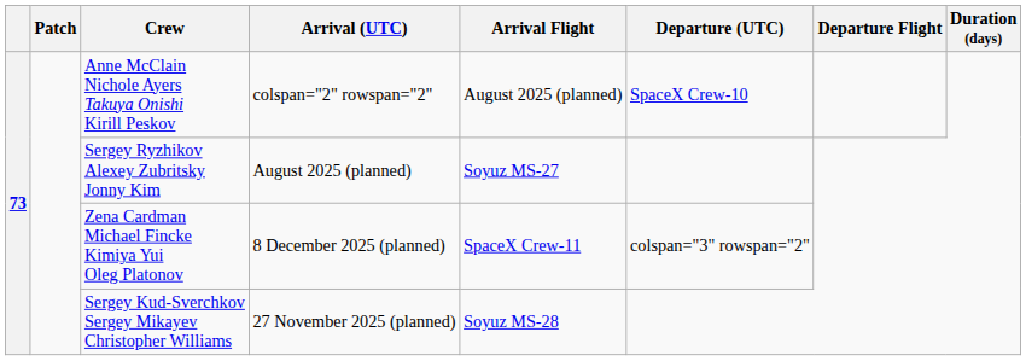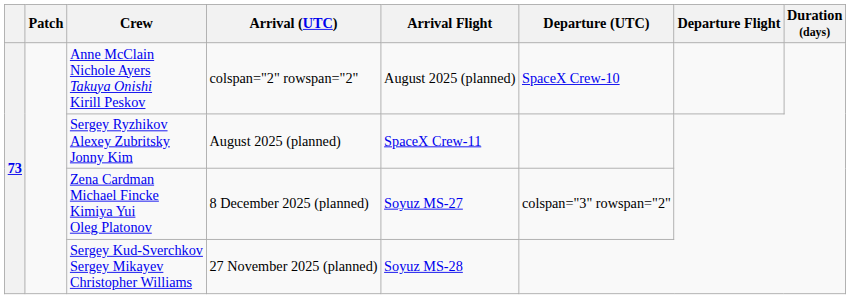 <table class="wikitable sticky-header">
 <tr>
 <th></th>
 <th>Patch</th>
 <th>Crew</th>
 <th>Arrival (<a href='#'>UTC</a>)</th>
 <th>Arrival Flight</th>
 <th>Departure (UTC)</th>
 <th>Departure Flight</th>
 <th>Duration<br><small>(days)</small></th>
 </tr>
 <tr>
 <th rowspan="4"><a href='#'>73</a></th>
 <td rowspan="4"></td>
 <td> <a href='#'>Anne McClain</a><br> <a href='#'>Nichole Ayers</a><br> <em><a href='#'>Takuya Onishi</a></em><br> <a href='#'>Kirill Peskov</a></td>
 <td>colspan="2" rowspan="2" </td>
 <td>August 2025 (planned)</td>
 <td><a href='#'>SpaceX Crew-10</a></td>
 <td></td>
 </tr>
 <tr>
 <td> <a href='#'>Sergey Ryzhikov</a><br> <a href='#'>Alexey Zubritsky</a><br> <a href='#'>Jonny Kim</a></td>
 <td>August 2025 (planned)</td>
-<td><a href='#'>Soyuz MS-27</a></td>
+<td><a href='#'>SpaceX Crew-11</a></td>
 <td></td>
 </tr>
 <tr>
 <td> <a href='#'>Zena Cardman</a><br> <a href='#'>Michael Fincke</a><br> <a href='#'>Kimiya Yui</a><br> <a href='#'>Oleg Platonov</a></td>
 <td>8 December 2025 (planned)</td>
-<td><a href='#'>SpaceX Crew-11</a></td>
+<td><a href='#'>Soyuz MS-27</a></td>
 <td>colspan="3" rowspan="2" </td>
 </tr>
 <tr>
 <td> <a href='#'>Sergey Kud-Sverchkov</a><br> <a href='#'>Sergey Mikayev</a><br> <a href='#'>Christopher Williams</a></td>
 <td>27 November 2025 (planned)</td>
 <td><a href='#'>Soyuz MS-28</a></td>
 </tr>
 </table>
